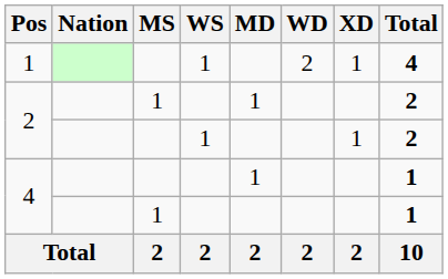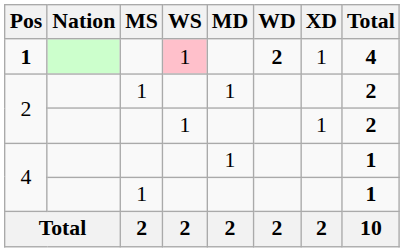 <table class="wikitable" style="text-align:center">
 <tr>
 <th>Pos</th>
 <th>Nation</th>
 <th>MS</th>
 <th>WS</th>
 <th>MD</th>
 <th>WD</th>
 <th>XD</th>
 <th>Total</th>
 </tr>
 <tr>
-<td>1</td>
+<td><strong>1</strong></td>
 <td bgcolor="#CCFFCC" align="left"></td>
 <td></td>
-<td>1</td>
+<td style="background: pink;">1</td>
 <td></td>
-<td>2</td>
+<td><strong>2</strong></td>
 <td>1</td>
 <td><strong>4</strong></td>
 </tr>
 <tr>
 <td rowspan="2">2</td>
 <td align="left"></td>
 <td>1</td>
 <td></td>
 <td>1</td>
 <td></td>
 <td></td>
 <td><strong>2</strong></td>
 </tr>
 <tr>
 <td align="left"></td>
 <td></td>
 <td>1</td>
 <td></td>
 <td></td>
 <td>1</td>
 <td><strong>2</strong></td>
 </tr>
 <tr>
 <td rowspan="2">4</td>
 <td align="left"></td>
 <td></td>
 <td></td>
 <td>1</td>
 <td></td>
 <td></td>
 <td><strong>1</strong></td>
 </tr>
 <tr>
 <td align="left"></td>
 <td>1</td>
 <td></td>
 <td></td>
 <td></td>
 <td></td>
 <td><strong>1</strong></td>
 </tr>
 <tr>
 <th colspan="2">Total</th>
 <th>2</th>
 <th>2</th>
 <th>2</th>
 <th>2</th>
 <th>2</th>
 <th>10</th>
 </tr>
 </table>
